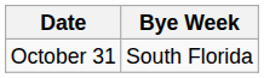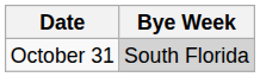 <table class="wikitable" style="font-size:95%;">
 <tr>
 <th>Date</th>
 <th colspan="1">Bye Week</th>
 </tr>
 <tr>
 <td>October 31</td>
-<td>South Florida</td>
+<td style="background: lightgrey;">South Florida</td>
 </tr>
 </table>
